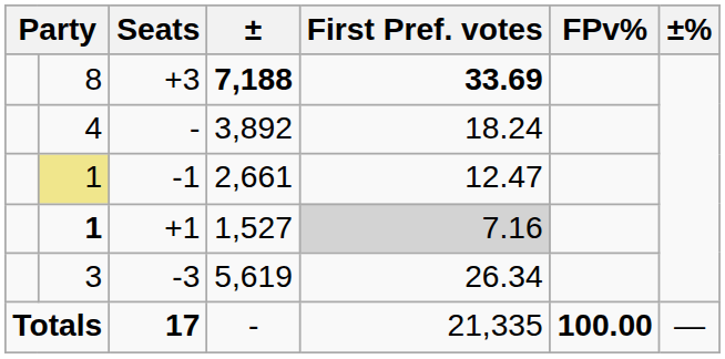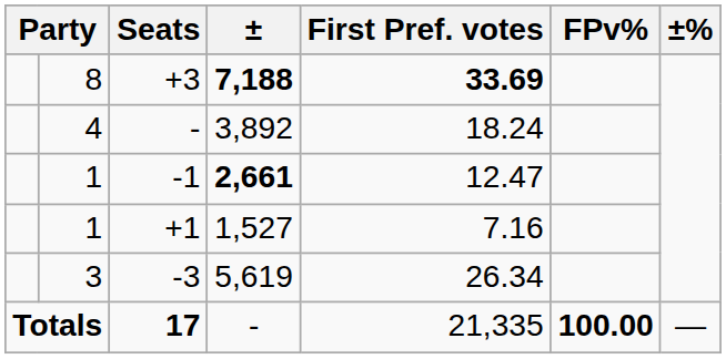 <table class=wikitable>
 <tr>
 <th colspan=2 align=center>Party</th>
 <th valign=top>Seats</th>
 <th valign=top>±</th>
 <th valign=top>First Pref. votes</th>
 <th valign=top>FPv%</th>
 <th valign=top>±%</th>
 </tr>
 <tr>
 <td></td>
 <td align=right>8</td>
 <td align=right>+3</td>
 <td align=right><strong>7,188</strong></td>
 <td align=right><strong>33.69</strong></td>
 <td align=right></td>
 </tr>
 <tr>
 <td></td>
 <td align=right>4</td>
 <td align=right>-</td>
 <td align=right>3,892</td>
 <td align=right>18.24</td>
 <td align=right></td>
 </tr>
 <tr>
 <td></td>
-<td align=right style="background: khaki;">1</td>
+<td align=right>1</td>
 <td align=right>-1</td>
-<td align=right>2,661</td>
+<td align=right><strong>2,661</strong></td>
 <td align=right>12.47</td>
 <td align=right></td>
 </tr>
 <tr>
 <td></td>
-<td align=right><strong>1</strong></td>
+<td align=right>1</td>
 <td align=right>+1</td>
 <td align=right>1,527</td>
-<td align=right style="background: lightgrey;">7.16</td>
+<td align=right>7.16</td>
 <td align=right></td>
 </tr>
 <tr>
 <td></td>
 <td align=right>3</td>
 <td align=right>-3</td>
 <td align=right>5,619</td>
 <td align=right>26.34</td>
 <td align=right></td>
 </tr>
 <tr>
 <td colspan=2 align=center><strong>Totals</strong></td>
 <td align=right><strong>17</strong></td>
 <td align=center>-</td>
 <td align=right>21,335</td>
 <td align=center><strong>100.00</strong></td>
 <td align=center>—</td>
 </tr>
 </table>
